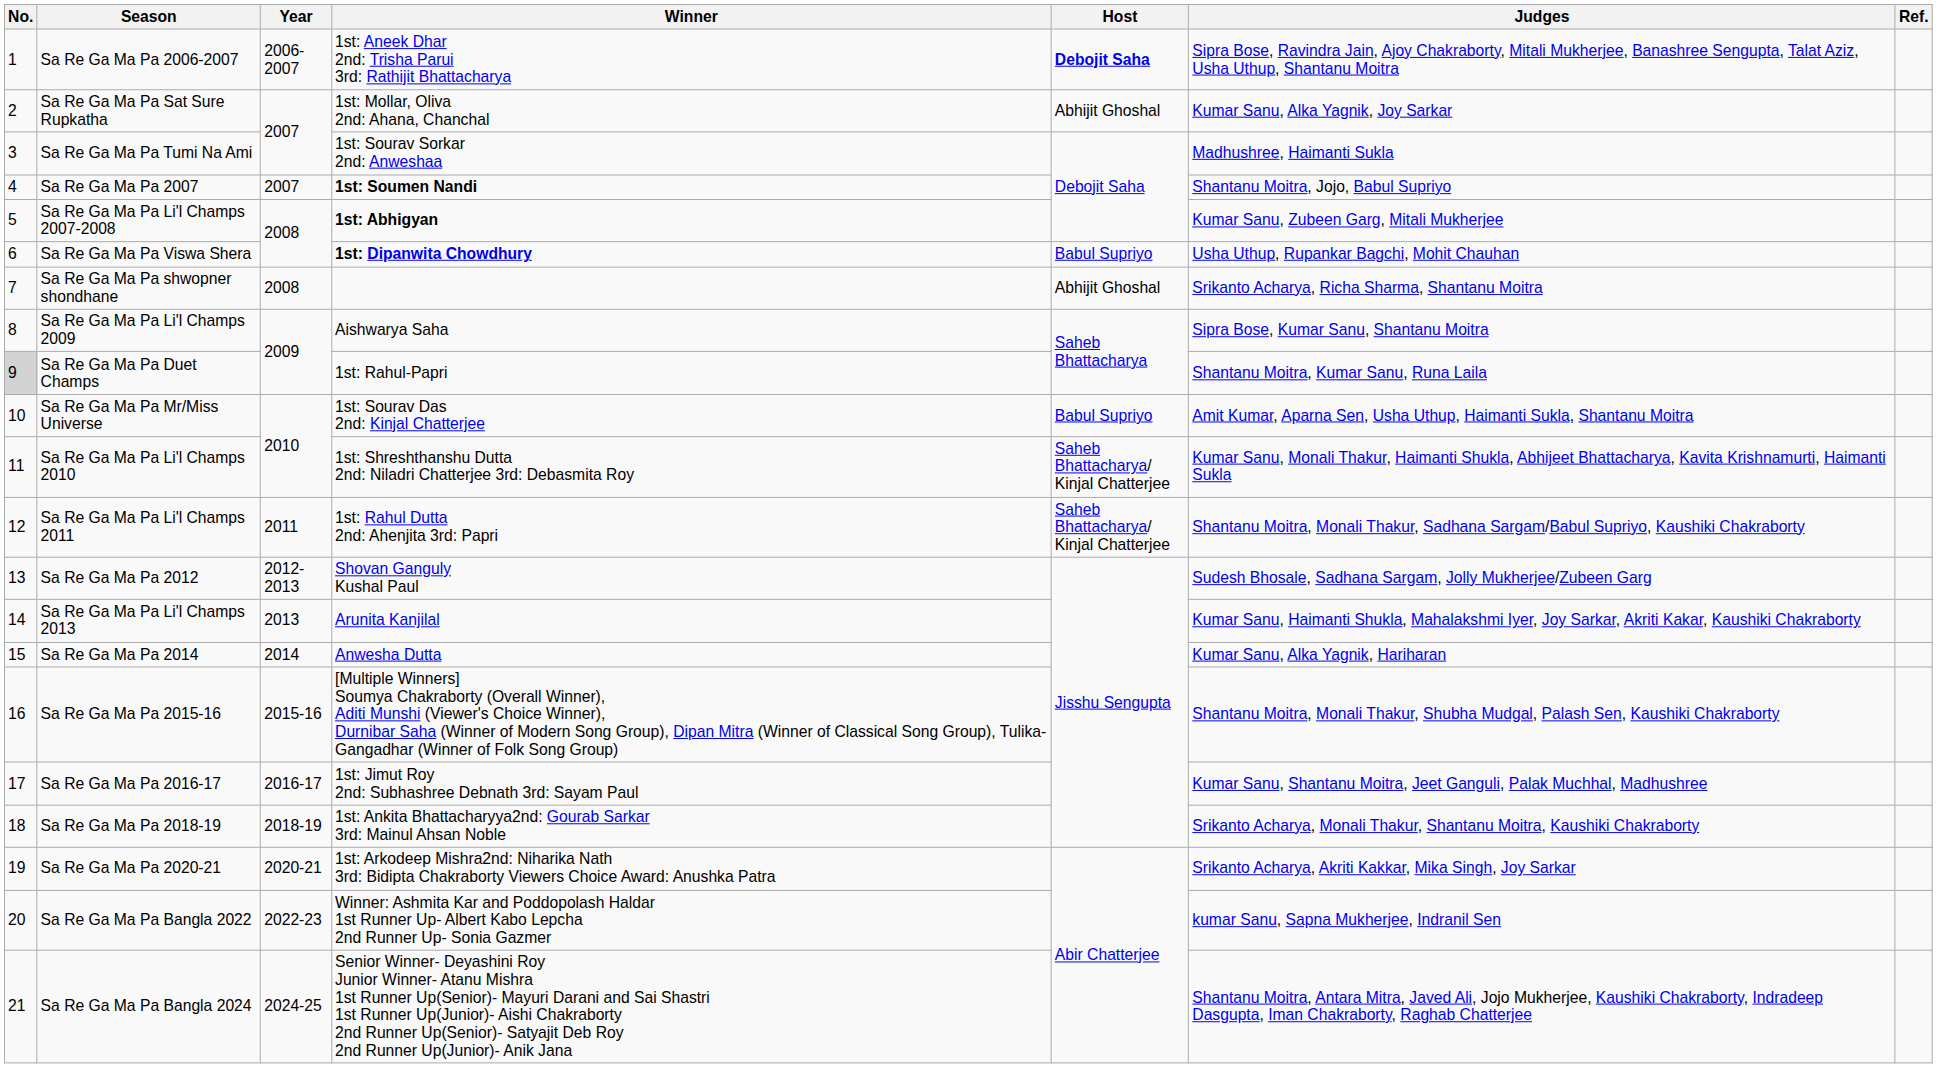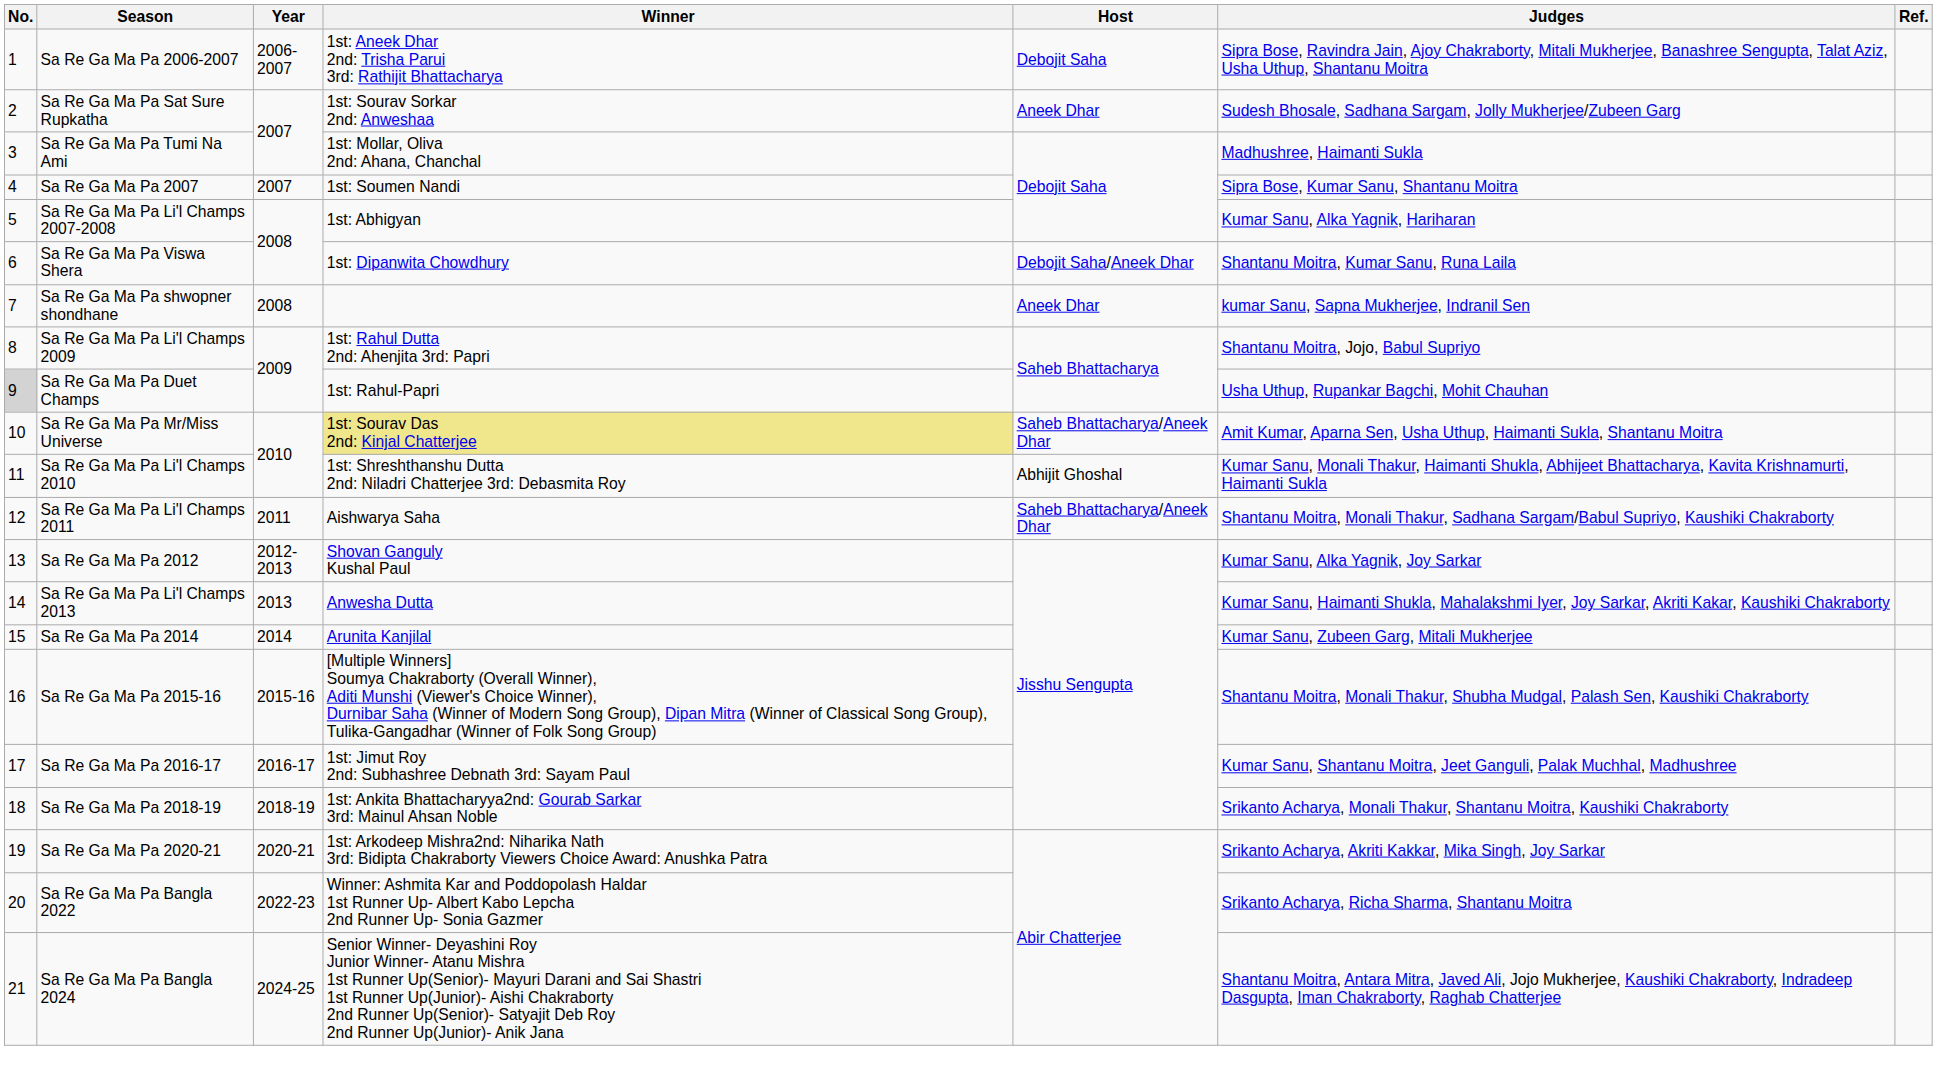 <table class="wikitable">
 <tr>
 <th>No.</th>
 <th>Season</th>
 <th>Year</th>
 <th>Winner</th>
 <th>Host</th>
 <th>Judges</th>
 <th>Ref.</th>
 </tr>
 <tr>
 <td>1</td>
 <td>Sa Re Ga Ma Pa 2006-2007</td>
 <td>2006-2007</td>
 <td>1st: <a href='#'>Aneek Dhar</a><br>2nd: <a href='#'>Trisha Parui</a><br>3rd: <a href='#'>Rathijit Bhattacharya</a></td>
-<td><strong><a href='#'>Debojit Saha</a></strong></td>
+<td><a href='#'>Debojit Saha</a></td>
 <td><a href='#'>Sipra Bose</a>, <a href='#'>Ravindra Jain</a>, <a href='#'>Ajoy Chakraborty</a>, <a href='#'>Mitali Mukherjee</a>, <a href='#'>Banashree Sengupta</a>, <a href='#'>Talat Aziz</a>, <a href='#'>Usha Uthup</a>, <a href='#'>Shantanu Moitra</a></td>
 <td></td>
 </tr>
 <tr>
 <td>2</td>
 <td>Sa Re Ga Ma Pa Sat Sure Rupkatha</td>
 <td rowspan="2">2007</td>
-<td>1st: Mollar, Oliva<br>2nd: Ahana, Chanchal</td>
-<td>Abhijit Ghoshal</td>
-<td><a href='#'>Kumar Sanu</a>, <a href='#'>Alka Yagnik</a>, <a href='#'>Joy Sarkar</a></td>
+<td>1st: Sourav Sorkar<br>2nd: <a href='#'>Anweshaa</a></td>
+<td><a href='#'>Aneek Dhar</a></td>
+<td><a href='#'>Sudesh Bhosale</a>, <a href='#'>Sadhana Sargam</a>, <a href='#'>Jolly Mukherjee</a>/<a href='#'>Zubeen Garg</a></td>
 <td></td>
 </tr>
 <tr>
 <td>3</td>
 <td>Sa Re Ga Ma Pa Tumi Na Ami</td>
-<td>1st: Sourav Sorkar<br>2nd: <a href='#'>Anweshaa</a></td>
+<td>1st: Mollar, Oliva<br>2nd: Ahana, Chanchal</td>
 <td rowspan="3"><a href='#'>Debojit Saha</a></td>
 <td><a href='#'>Madhushree</a>, <a href='#'>Haimanti Sukla</a></td>
 <td></td>
 </tr>
 <tr>
 <td>4</td>
 <td>Sa Re Ga Ma Pa 2007</td>
 <td>2007</td>
-<td><strong>1st: Soumen Nandi</strong></td>
-<td><a href='#'>Shantanu Moitra</a>, Jojo, <a href='#'>Babul Supriyo</a></td>
+<td>1st: Soumen Nandi</td>
+<td><a href='#'>Sipra Bose</a>, <a href='#'>Kumar Sanu</a>, <a href='#'>Shantanu Moitra</a></td>
 <td></td>
 </tr>
 <tr>
 <td>5</td>
 <td>Sa Re Ga Ma Pa Li'l Champs 2007-2008</td>
 <td rowspan="2">2008</td>
-<td><strong>1st: Abhigyan</strong></td>
-<td><a href='#'>Kumar Sanu</a>, <a href='#'>Zubeen Garg</a>, <a href='#'>Mitali Mukherjee</a></td>
+<td>1st: Abhigyan</td>
+<td><a href='#'>Kumar Sanu</a>, <a href='#'>Alka Yagnik</a>, <a href='#'>Hariharan</a></td>
 <td></td>
 </tr>
 <tr>
 <td>6</td>
 <td>Sa Re Ga Ma Pa Viswa Shera</td>
-<td><strong>1st: <a href='#'>Dipanwita Chowdhury</a></strong></td>
-<td><a href='#'>Babul Supriyo</a></td>
-<td><a href='#'>Usha Uthup</a>, <a href='#'>Rupankar Bagchi</a>, <a href='#'>Mohit Chauhan</a></td>
+<td>1st: <a href='#'>Dipanwita Chowdhury</a></td>
+<td><a href='#'>Debojit Saha</a>/<a href='#'>Aneek Dhar</a></td>
+<td><a href='#'>Shantanu Moitra</a>, <a href='#'>Kumar Sanu</a>, <a href='#'>Runa Laila</a></td>
 <td></td>
 </tr>
 <tr>
 <td>7</td>
 <td>Sa Re Ga Ma Pa shwopner shondhane<br></td>
 <td>2008</td>
 <td></td>
-<td>Abhijit Ghoshal</td>
-<td><a href='#'>Srikanto Acharya</a>, <a href='#'>Richa Sharma</a>, <a href='#'>Shantanu Moitra</a></td>
+<td><a href='#'>Aneek Dhar</a></td>
+<td><a href='#'>kumar Sanu</a>, <a href='#'>Sapna Mukherjee</a>, <a href='#'>Indranil Sen</a></td>
 <td></td>
 </tr>
 <tr>
 <td>8</td>
 <td>Sa Re Ga Ma Pa Li'l Champs 2009</td>
 <td rowspan="2">2009</td>
-<td>Aishwarya Saha</td>
+<td>1st: <a href='#'>Rahul Dutta</a><br>2nd: Ahenjita 3rd: Papri</td>
 <td rowspan="2"><a href='#'>Saheb Bhattacharya</a></td>
-<td><a href='#'>Sipra Bose</a>, <a href='#'>Kumar Sanu</a>, <a href='#'>Shantanu Moitra</a></td>
+<td><a href='#'>Shantanu Moitra</a>, Jojo, <a href='#'>Babul Supriyo</a></td>
 <td></td>
 </tr>
 <tr>
 <td style="background: lightgrey;">9</td>
 <td>Sa Re Ga Ma Pa Duet Champs</td>
 <td>1st: Rahul-Papri</td>
-<td><a href='#'>Shantanu Moitra</a>, <a href='#'>Kumar Sanu</a>, <a href='#'>Runa Laila</a></td>
+<td><a href='#'>Usha Uthup</a>, <a href='#'>Rupankar Bagchi</a>, <a href='#'>Mohit Chauhan</a></td>
 <td></td>
 </tr>
 <tr>
 <td>10</td>
 <td>Sa Re Ga Ma Pa Mr/Miss Universe</td>
 <td rowspan="2">2010</td>
-<td>1st: Sourav Das<br>2nd: <a href='#'>Kinjal Chatterjee</a></td>
-<td><a href='#'>Babul Supriyo</a></td>
+<td style="background: khaki;">1st: Sourav Das<br>2nd: <a href='#'>Kinjal Chatterjee</a></td>
+<td><a href='#'>Saheb Bhattacharya</a>/<a href='#'>Aneek Dhar</a></td>
 <td><a href='#'>Amit Kumar</a>, <a href='#'>Aparna Sen</a>, <a href='#'>Usha Uthup</a>, <a href='#'>Haimanti Sukla</a>, <a href='#'>Shantanu Moitra</a></td>
 <td></td>
 </tr>
 <tr>
 <td>11</td>
 <td>Sa Re Ga Ma Pa Li'l Champs 2010</td>
 <td>1st: Shreshthanshu Dutta<br>2nd: Niladri Chatterjee 3rd: Debasmita Roy</td>
-<td><a href='#'>Saheb Bhattacharya</a>/<br>Kinjal Chatterjee</td>
+<td>Abhijit Ghoshal</td>
 <td><a href='#'>Kumar Sanu</a>, <a href='#'>Monali Thakur</a>, <a href='#'>Haimanti Shukla</a>, <a href='#'>Abhijeet Bhattacharya</a>, <a href='#'>Kavita Krishnamurti</a>, <a href='#'>Haimanti Sukla</a></td>
 <td></td>
 </tr>
 <tr>
 <td>12</td>
 <td>Sa Re Ga Ma Pa Li'l Champs 2011</td>
 <td>2011</td>
-<td>1st: <a href='#'>Rahul Dutta</a><br>2nd: Ahenjita 3rd: Papri</td>
-<td><a href='#'>Saheb Bhattacharya</a>/<br>Kinjal Chatterjee</td>
+<td>Aishwarya Saha</td>
+<td><a href='#'>Saheb Bhattacharya</a>/<a href='#'>Aneek Dhar</a></td>
 <td><a href='#'>Shantanu Moitra</a>, <a href='#'>Monali Thakur</a>, <a href='#'>Sadhana Sargam</a>/<a href='#'>Babul Supriyo</a>, <a href='#'>Kaushiki Chakraborty</a></td>
 <td></td>
 </tr>
 <tr>
 <td>13</td>
 <td>Sa Re Ga Ma Pa 2012</td>
 <td>2012-2013</td>
 <td><a href='#'>Shovan Ganguly</a> <br> Kushal Paul</td>
 <td rowspan="6"><a href='#'>Jisshu Sengupta</a></td>
-<td><a href='#'>Sudesh Bhosale</a>, <a href='#'>Sadhana Sargam</a>, <a href='#'>Jolly Mukherjee</a>/<a href='#'>Zubeen Garg</a></td>
+<td><a href='#'>Kumar Sanu</a>, <a href='#'>Alka Yagnik</a>, <a href='#'>Joy Sarkar</a></td>
 <td></td>
 </tr>
 <tr>
 <td>14</td>
 <td>Sa Re Ga Ma Pa Li'l Champs 2013</td>
 <td>2013</td>
-<td><a href='#'>Arunita Kanjilal</a></td>
+<td><a href='#'>Anwesha Dutta</a></td>
 <td><a href='#'>Kumar Sanu</a>, <a href='#'>Haimanti Shukla</a>, <a href='#'>Mahalakshmi Iyer</a>, <a href='#'>Joy Sarkar</a>, <a href='#'>Akriti Kakar</a>, <a href='#'>Kaushiki Chakraborty</a></td>
 <td></td>
 </tr>
 <tr>
 <td>15</td>
 <td>Sa Re Ga Ma Pa 2014</td>
 <td>2014</td>
-<td><a href='#'>Anwesha Dutta</a></td>
-<td><a href='#'>Kumar Sanu</a>, <a href='#'>Alka Yagnik</a>, <a href='#'>Hariharan</a></td>
+<td><a href='#'>Arunita Kanjilal</a></td>
+<td><a href='#'>Kumar Sanu</a>, <a href='#'>Zubeen Garg</a>, <a href='#'>Mitali Mukherjee</a></td>
 <td></td>
 </tr>
 <tr>
 <td>16</td>
 <td>Sa Re Ga Ma Pa 2015-16</td>
 <td>2015-16</td>
 <td>[Multiple Winners]<br>Soumya Chakraborty (Overall Winner),<br><a href='#'>Aditi Munshi</a> (Viewer's Choice Winner),<br><a href='#'>Durnibar Saha</a> (Winner of Modern Song Group), <a href='#'>Dipan Mitra</a> (Winner of Classical Song Group), Tulika-Gangadhar (Winner of Folk Song Group)</td>
 <td><a href='#'>Shantanu Moitra</a>, <a href='#'>Monali Thakur</a>, <a href='#'>Shubha Mudgal</a>, <a href='#'>Palash Sen</a>, <a href='#'>Kaushiki Chakraborty</a></td>
 <td></td>
 </tr>
 <tr>
 <td>17</td>
 <td>Sa Re Ga Ma Pa 2016-17</td>
 <td>2016-17</td>
 <td>1st: Jimut Roy<br>2nd: Subhashree Debnath 3rd: Sayam Paul</td>
 <td><a href='#'>Kumar Sanu</a>, <a href='#'>Shantanu Moitra</a>, <a href='#'>Jeet Ganguli</a>, <a href='#'>Palak Muchhal</a>, <a href='#'>Madhushree</a></td>
 <td></td>
 </tr>
 <tr>
 <td>18</td>
 <td>Sa Re Ga Ma Pa 2018-19</td>
 <td>2018-19</td>
 <td>1st: Ankita Bhattacharyya2nd: <a href='#'>Gourab Sarkar</a><br>3rd: Mainul Ahsan Noble</td>
 <td><a href='#'>Srikanto Acharya</a>, <a href='#'>Monali Thakur</a>, <a href='#'>Shantanu Moitra</a>, <a href='#'>Kaushiki Chakraborty</a></td>
 <td></td>
 </tr>
 <tr>
 <td>19</td>
 <td>Sa Re Ga Ma Pa 2020-21</td>
 <td>2020-21</td>
 <td>1st: Arkodeep Mishra2nd: Niharika Nath<br>3rd: Bidipta Chakraborty Viewers Choice Award: Anushka Patra</td>
 <td rowspan="3"><a href='#'>Abir Chatterjee</a></td>
 <td><a href='#'>Srikanto Acharya</a>, <a href='#'>Akriti Kakkar</a>, <a href='#'>Mika Singh</a>, <a href='#'>Joy Sarkar</a></td>
 <td></td>
 </tr>
 <tr>
 <td>20</td>
 <td>Sa Re Ga Ma Pa Bangla 2022</td>
 <td>2022-23</td>
 <td>Winner: Ashmita Kar and Poddopolash Haldar<br>1st Runner Up- Albert Kabo Lepcha<br>2nd Runner Up- Sonia Gazmer</td>
-<td><a href='#'>kumar Sanu</a>, <a href='#'>Sapna Mukherjee</a>, <a href='#'>Indranil Sen</a></td>
+<td><a href='#'>Srikanto Acharya</a>, <a href='#'>Richa Sharma</a>, <a href='#'>Shantanu Moitra</a></td>
 <td></td>
 </tr>
 <tr>
 <td>21</td>
 <td>Sa Re Ga Ma Pa Bangla 2024</td>
 <td>2024-25</td>
 <td>Senior Winner- Deyashini Roy<br>Junior Winner- Atanu Mishra<br>1st Runner Up(Senior)- Mayuri Darani and Sai Shastri<br>1st Runner Up(Junior)- Aishi Chakraborty<br>2nd Runner Up(Senior)- Satyajit Deb Roy<br>2nd Runner Up(Junior)- Anik Jana</td>
 <td><a href='#'>Shantanu Moitra</a>, <a href='#'>Antara Mitra</a>, <a href='#'>Javed Ali</a>, Jojo Mukherjee, <a href='#'>Kaushiki Chakraborty</a>, <a href='#'>Indradeep Dasgupta</a>, <a href='#'>Iman Chakraborty</a>, <a href='#'>Raghab Chatterjee</a></td>
 <td></td>
 </tr>
 </table>
